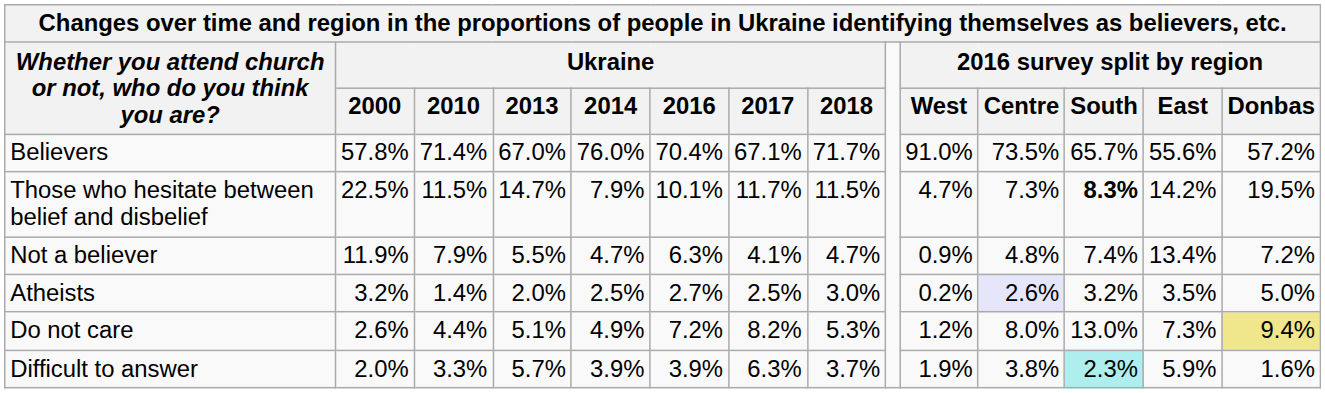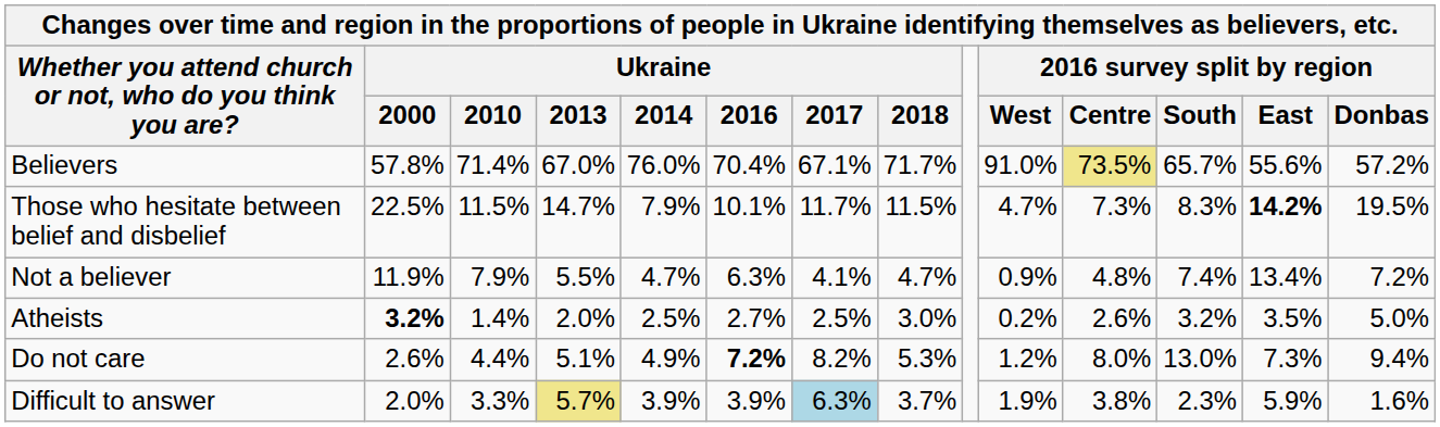 <table class="wikitable" style="margin:auto">
 <tr valign=top>
 <th colspan = 14>Changes over time and region in the proportions of people in Ukraine identifying themselves as believers, etc.</th>
 </tr>
 <tr valign=top>
 <th rowspan=2><em>Whether you attend church or not, who do you think you are?</em></th>
 <th colspan = 7>Ukraine</th>
 <td rowspan=8 width=2></td>
 <th colspan = 5>2016 survey split by region</th>
 </tr>
 <tr valign=top>
 <th>2000</th>
 <th>2010</th>
 <th>2013</th>
 <th>2014</th>
 <th>2016</th>
 <th>2017</th>
 <th>2018</th>
 <th>West</th>
 <th>Centre</th>
 <th>South</th>
 <th>East</th>
 <th>Donbas</th>
 </tr>
 <tr valign=top>
 <td>Believers</td>
 <td align=right>57.8%</td>
 <td align=right>71.4%</td>
 <td align=right>67.0%</td>
 <td align=right>76.0%</td>
 <td align=right>70.4%</td>
 <td align=right>67.1%</td>
 <td align=right>71.7%</td>
 <td align=right>91.0%</td>
-<td align=right>73.5%</td>
+<td align=right style="background: khaki;">73.5%</td>
 <td align=right>65.7%</td>
 <td align=right>55.6%</td>
 <td align=right>57.2%</td>
 </tr>
 <tr valign=top>
 <td>Those who hesitate between belief and disbelief</td>
 <td align=right>22.5%</td>
 <td align=right>11.5%</td>
 <td align=right>14.7%</td>
 <td align=right>7.9%</td>
 <td align=right>10.1%</td>
 <td align=right>11.7%</td>
 <td align=right>11.5%</td>
 <td align=right>4.7%</td>
 <td align=right>7.3%</td>
-<td align=right><strong>8.3%</strong></td>
-<td align=right>14.2%</td>
+<td align=right>8.3%</td>
+<td align=right><strong>14.2%</strong></td>
 <td align=right>19.5%</td>
 </tr>
 <tr valign=top>
 <td>Not a believer</td>
 <td align=right>11.9%</td>
 <td align=right>7.9%</td>
 <td align=right>5.5%</td>
 <td align=right>4.7%</td>
 <td align=right>6.3%</td>
 <td align=right>4.1%</td>
 <td align=right>4.7%</td>
 <td align=right>0.9%</td>
 <td align=right>4.8%</td>
 <td align=right>7.4%</td>
 <td align=right>13.4%</td>
 <td align=right>7.2%</td>
 </tr>
 <tr valign=top>
 <td>Atheists</td>
-<td align=right>3.2%</td>
+<td align=right><strong>3.2%</strong></td>
 <td align=right>1.4%</td>
 <td align=right>2.0%</td>
 <td align=right>2.5%</td>
 <td align=right>2.7%</td>
 <td align=right>2.5%</td>
 <td align=right>3.0%</td>
 <td align=right>0.2%</td>
-<td align=right style="background: lavender;">2.6%</td>
+<td align=right>2.6%</td>
 <td align=right>3.2%</td>
 <td align=right>3.5%</td>
 <td align=right>5.0%</td>
 </tr>
 <tr valign=top>
 <td>Do not care</td>
 <td align=right>2.6%</td>
 <td align=right>4.4%</td>
 <td align=right>5.1%</td>
 <td align=right>4.9%</td>
-<td align=right>7.2%</td>
+<td align=right><strong>7.2%</strong></td>
 <td align=right>8.2%</td>
 <td align=right>5.3%</td>
 <td align=right>1.2%</td>
 <td align=right>8.0%</td>
 <td align=right>13.0%</td>
 <td align=right>7.3%</td>
-<td align=right style="background: khaki;">9.4%</td>
+<td align=right>9.4%</td>
 </tr>
 <tr valign=top>
 <td>Difficult to answer</td>
 <td align=right>2.0%</td>
 <td align=right>3.3%</td>
-<td align=right>5.7%</td>
+<td align=right style="background: khaki;">5.7%</td>
 <td align=right>3.9%</td>
 <td align=right>3.9%</td>
-<td align=right>6.3%</td>
+<td align=right style="background: lightblue;">6.3%</td>
 <td align=right>3.7%</td>
 <td align=right>1.9%</td>
 <td align=right>3.8%</td>
-<td align=right style="background: paleturquoise;">2.3%</td>
+<td align=right>2.3%</td>
 <td align=right>5.9%</td>
 <td align=right>1.6%</td>
 </tr>
 </table>
